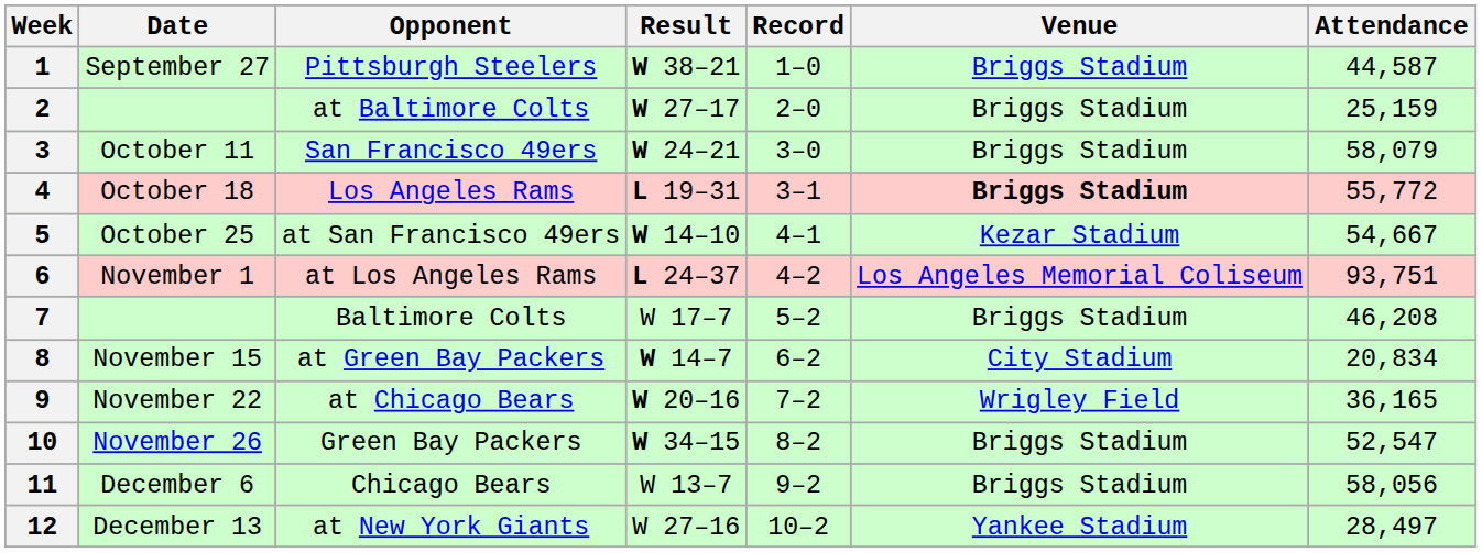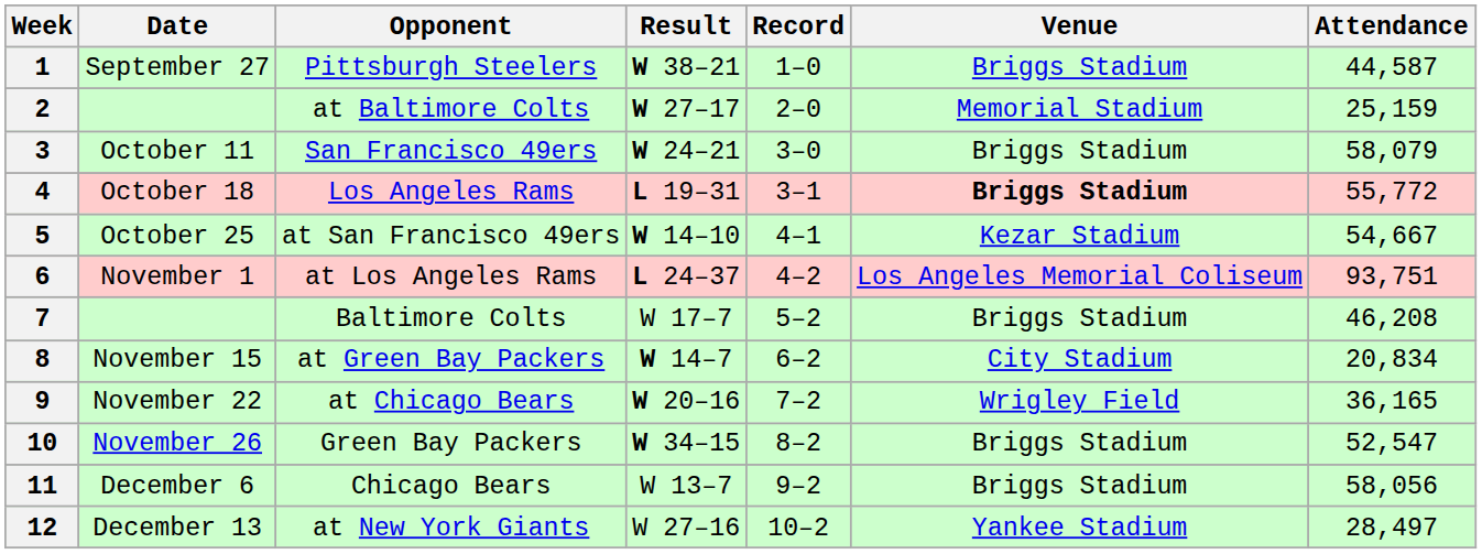 <table class="wikitable" style="text-align:center">
 <tr>
 <th>Week</th>
 <th>Date</th>
 <th>Opponent</th>
 <th>Result</th>
 <th>Record</th>
 <th>Venue</th>
 <th>Attendance</th>
 </tr>
 <tr style="background:#cfc">
 <th>1</th>
 <td>September 27</td>
 <td><a href='#'>Pittsburgh Steelers</a></td>
 <td><strong>W</strong> 38–21</td>
 <td>1–0</td>
 <td><a href='#'>Briggs Stadium</a></td>
 <td>44,587</td>
 </tr>
 <tr style="background:#cfc">
 <th>2</th>
 <td></td>
 <td>at <a href='#'>Baltimore Colts</a></td>
 <td><strong>W</strong> 27–17</td>
 <td>2–0</td>
-<td>Briggs Stadium</td>
+<td><a href='#'>Memorial Stadium</a></td>
 <td>25,159</td>
 </tr>
 <tr style="background:#cfc">
 <th>3</th>
 <td>October 11</td>
 <td><a href='#'>San Francisco 49ers</a></td>
 <td><strong>W</strong> 24–21</td>
 <td>3–0</td>
 <td>Briggs Stadium</td>
 <td>58,079</td>
 </tr>
 <tr style="background:#fcc">
 <th>4</th>
 <td>October 18</td>
 <td><a href='#'>Los Angeles Rams</a></td>
 <td><strong>L</strong> 19–31</td>
 <td>3–1</td>
 <td><strong>Briggs Stadium</strong></td>
 <td>55,772</td>
 </tr>
 <tr style="background:#cfc">
 <th>5</th>
 <td>October 25</td>
 <td>at San Francisco 49ers</td>
 <td><strong>W</strong> 14–10</td>
 <td>4–1</td>
 <td><a href='#'>Kezar Stadium</a></td>
 <td>54,667</td>
 </tr>
 <tr style="background:#fcc">
 <th>6</th>
 <td>November 1</td>
 <td>at Los Angeles Rams</td>
 <td><strong>L</strong> 24–37</td>
 <td>4–2</td>
 <td><a href='#'>Los Angeles Memorial Coliseum</a></td>
 <td>93,751</td>
 </tr>
 <tr style="background:#cfc">
 <th>7</th>
 <td></td>
 <td>Baltimore Colts</td>
 <td>W 17–7</td>
 <td>5–2</td>
 <td>Briggs Stadium</td>
 <td>46,208</td>
 </tr>
 <tr style="background:#cfc">
 <th>8</th>
 <td>November 15</td>
 <td>at <a href='#'>Green Bay Packers</a></td>
 <td><strong>W</strong> 14–7</td>
 <td>6–2</td>
 <td><a href='#'>City Stadium</a></td>
 <td>20,834</td>
 </tr>
 <tr style="background:#cfc">
 <th>9</th>
 <td>November 22</td>
 <td>at <a href='#'>Chicago Bears</a></td>
 <td><strong>W</strong> 20–16</td>
 <td>7–2</td>
 <td><a href='#'>Wrigley Field</a></td>
 <td>36,165</td>
 </tr>
 <tr style="background:#cfc">
 <th>10</th>
 <td><a href='#'>November 26</a></td>
 <td>Green Bay Packers</td>
 <td><strong>W</strong> 34–15</td>
 <td>8–2</td>
 <td>Briggs Stadium</td>
 <td>52,547</td>
 </tr>
 <tr style="background:#cfc">
 <th>11</th>
 <td>December 6</td>
 <td>Chicago Bears</td>
 <td>W 13–7</td>
 <td>9–2</td>
 <td>Briggs Stadium</td>
 <td>58,056</td>
 </tr>
 <tr style="background:#cfc">
 <th>12</th>
 <td>December 13</td>
 <td>at <a href='#'>New York Giants</a></td>
 <td>W 27–16</td>
 <td>10–2</td>
 <td><a href='#'>Yankee Stadium</a></td>
 <td>28,497</td>
 </tr>
 </table>
